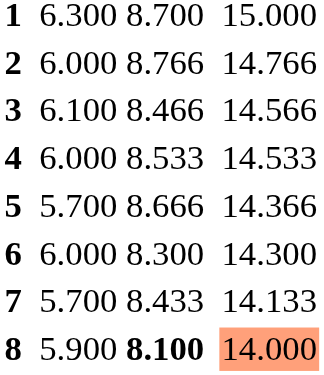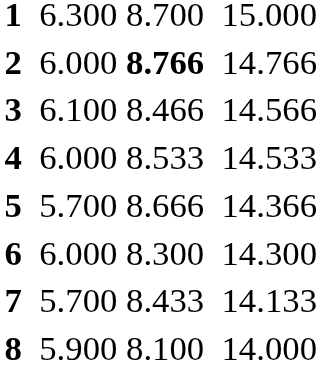 <table>
 <tr>
 <th scope=row style="text-align:center">1</th>
 <td align=left></td>
 <td>6.300</td>
 <td>8.700</td>
 <td></td>
 <td>15.000</td>
 </tr>
 <tr>
 <th scope=row style="text-align:center">2</th>
 <td align=left></td>
 <td>6.000</td>
-<td>8.766</td>
+<td><strong>8.766</strong></td>
 <td></td>
 <td>14.766</td>
 </tr>
 <tr>
 <th scope=row style="text-align:center">3</th>
 <td align=left></td>
 <td>6.100</td>
 <td>8.466</td>
 <td></td>
 <td>14.566</td>
 </tr>
 <tr>
 <th scope=row style="text-align:center">4</th>
 <td align=left></td>
 <td>6.000</td>
 <td>8.533</td>
 <td></td>
 <td>14.533</td>
 </tr>
 <tr>
 <th scope=row style="text-align:center">5</th>
 <td align=left></td>
 <td>5.700</td>
 <td>8.666</td>
 <td></td>
 <td>14.366</td>
 </tr>
 <tr>
 <th scope=row style="text-align:center">6</th>
 <td align=left></td>
 <td>6.000</td>
 <td>8.300</td>
 <td></td>
 <td>14.300</td>
 </tr>
 <tr>
 <th scope=row style="text-align:center">7</th>
 <td align=left></td>
 <td>5.700</td>
 <td>8.433</td>
 <td></td>
 <td>14.133</td>
 </tr>
 <tr>
 <th scope=row style="text-align:center">8</th>
 <td align=left></td>
 <td>5.900</td>
-<td><strong>8.100</strong></td>
+<td>8.100</td>
 <td></td>
-<td style="background: lightsalmon;">14.000</td>
+<td>14.000</td>
 </tr>
 <tr>
 </tr>
 </table>
